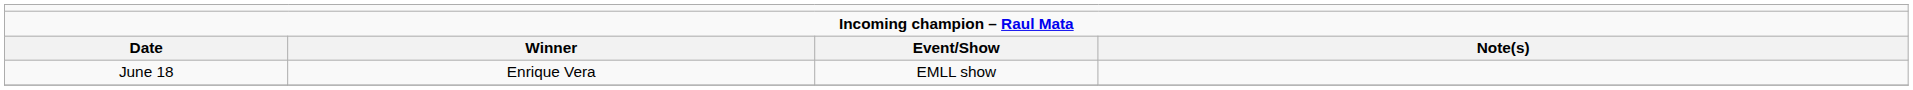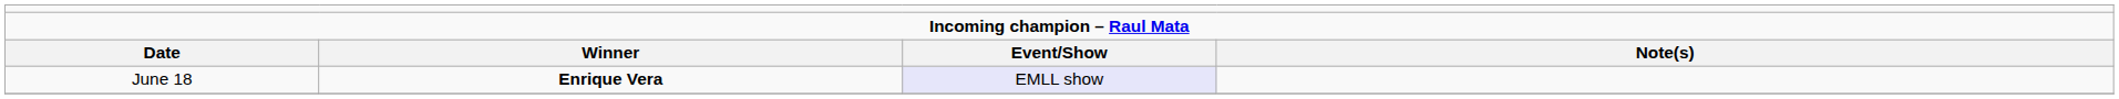 <table class="wikitable" style="text-align:center; width:100%;">
 <tr>
 <td colspan=5></td>
 </tr>
 <tr>
 <td colspan=5><strong>Incoming champion – <a href='#'>Raul Mata</a></strong></td>
 </tr>
 <tr>
 <th width=14%>Date</th>
 <th width=26%>Winner</th>
 <th width=14%>Event/Show</th>
 <th width=40%>Note(s)</th>
 </tr>
 <tr>
 <td>June 18</td>
-<td>Enrique Vera</td>
-<td>EMLL show</td>
+<td><strong>Enrique Vera</strong></td>
+<td style="background: lavender;">EMLL show</td>
 <td></td>
 </tr>
 <tr>
 </tr>
 </table>
